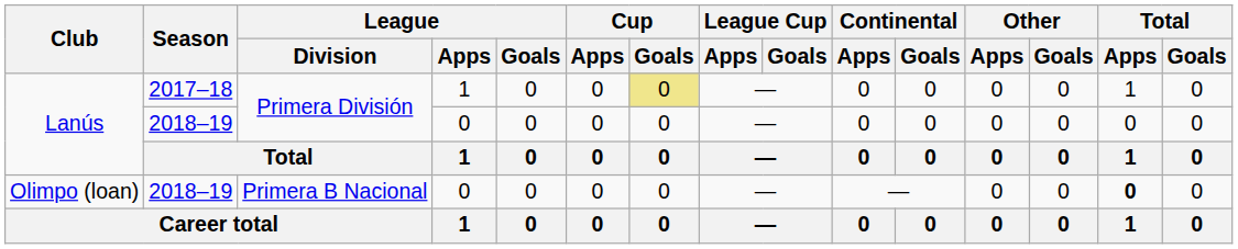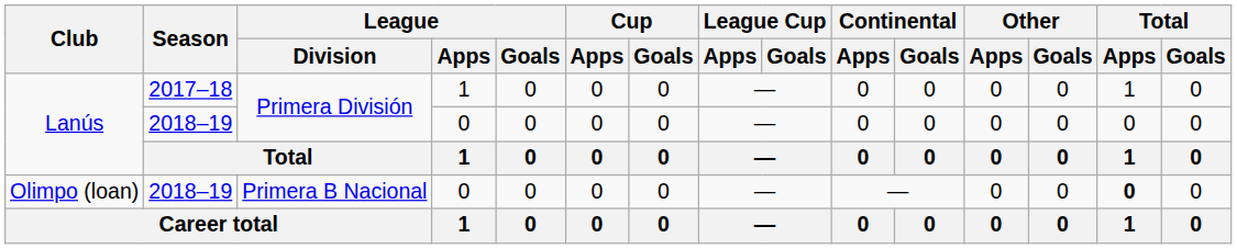 <table class="wikitable" style="text-align:center">
 <tr>
 <th rowspan="2">Club</th>
 <th rowspan="2">Season</th>
 <th colspan="3">League</th>
 <th colspan="2">Cup</th>
 <th colspan="2">League Cup</th>
 <th colspan="2">Continental</th>
 <th colspan="2">Other</th>
 <th colspan="2">Total</th>
 </tr>
 <tr>
 <th>Division</th>
 <th>Apps</th>
 <th>Goals</th>
 <th>Apps</th>
 <th>Goals</th>
 <th>Apps</th>
 <th>Goals</th>
 <th>Apps</th>
 <th>Goals</th>
 <th>Apps</th>
 <th>Goals</th>
 <th>Apps</th>
 <th>Goals</th>
 </tr>
 <tr>
 <td rowspan="3"><a href='#'>Lanús</a></td>
 <td><a href='#'>2017–18</a></td>
 <td rowspan="2"><a href='#'>Primera División</a></td>
 <td>1</td>
 <td>0</td>
 <td>0</td>
-<td style="background: khaki;">0</td>
+<td>0</td>
 <td colspan="2">—</td>
 <td>0</td>
 <td>0</td>
 <td>0</td>
 <td>0</td>
 <td>1</td>
 <td>0</td>
 </tr>
 <tr>
 <td><a href='#'>2018–19</a></td>
 <td>0</td>
 <td>0</td>
 <td>0</td>
 <td>0</td>
 <td colspan="2">—</td>
 <td>0</td>
 <td>0</td>
 <td>0</td>
 <td>0</td>
 <td>0</td>
 <td>0</td>
 </tr>
 <tr>
 <th colspan="2">Total</th>
 <th>1</th>
 <th>0</th>
 <th>0</th>
 <th>0</th>
 <th colspan="2">—</th>
 <th>0</th>
 <th>0</th>
 <th>0</th>
 <th>0</th>
 <th>1</th>
 <th>0</th>
 </tr>
 <tr>
 <td rowspan="1"><a href='#'>Olimpo</a> (loan)</td>
 <td><a href='#'>2018–19</a></td>
 <td rowspan="1"><a href='#'>Primera B Nacional</a></td>
 <td>0</td>
 <td>0</td>
 <td>0</td>
 <td>0</td>
 <td colspan="2">—</td>
 <td colspan="2">—</td>
 <td>0</td>
 <td>0</td>
 <td><strong>0</strong></td>
 <td>0</td>
 </tr>
 <tr>
 <th colspan="3">Career total</th>
 <th>1</th>
 <th>0</th>
 <th>0</th>
 <th>0</th>
 <th colspan="2">—</th>
 <th>0</th>
 <th>0</th>
 <th>0</th>
 <th>0</th>
 <th>1</th>
 <th>0</th>
 </tr>
 </table>
